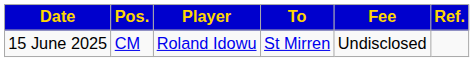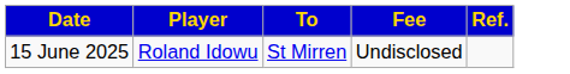 <table class="wikitable plainrowheaders sortable">
 <tr>
 <th style="background:mediumblue;color:gold;">Date</th>
-<th style="background:mediumblue;color:gold;">Pos.</th>
 <th style="background:mediumblue;color:gold;">Player</th>
 <th style="background:mediumblue;color:gold;">To</th>
 <th style="background:mediumblue;color:gold;">Fee</th>
 <th style="background:mediumblue;color:gold;">Ref.</th>
 </tr>
 <tr>
 <td>15 June 2025</td>
-<td><a href='#'>CM</a></td>
 <td> <a href='#'>Roland Idowu</a></td>
 <td> <a href='#'>St Mirren</a></td>
 <td>Undisclosed</td>
 <td></td>
 </tr>
 </table>
